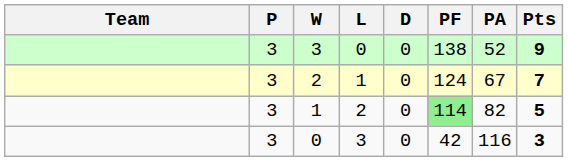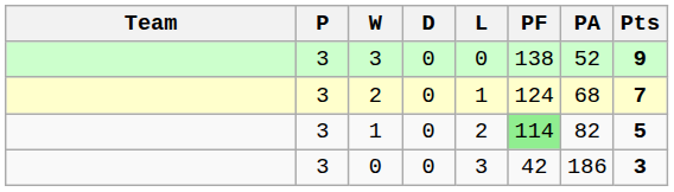 <table class="wikitable" style="text-align:center">
 <tr>
 <th width=165>Team</th>
 <th width=25>P</th>
 <th width=25>W</th>
+<th width=25>D</th>
 <th width=25>L</th>
-<th width=25>D</th>
 <th width=25>PF</th>
 <th width=25>PA</th>
 <th width=25>Pts</th>
 </tr>
 <tr style="background:#cfc">
 <td align=left></td>
 <td>3</td>
 <td>3</td>
 <td>0</td>
 <td>0</td>
 <td>138</td>
 <td>52</td>
 <td><strong>9</strong></td>
 </tr>
 <tr style="background:#ffc">
 <td align=left></td>
 <td>3</td>
 <td>2</td>
+<td>0</td>
 <td>1</td>
-<td>0</td>
 <td>124</td>
-<td>67</td>
+<td>68</td>
 <td><strong>7</strong></td>
 </tr>
 <tr>
 <td align=left></td>
 <td>3</td>
 <td>1</td>
+<td>0</td>
 <td>2</td>
-<td>0</td>
 <td style="background: lightgreen;">114</td>
 <td>82</td>
 <td><strong>5</strong></td>
 </tr>
 <tr>
 <td align=left></td>
 <td>3</td>
 <td>0</td>
+<td>0</td>
 <td>3</td>
-<td>0</td>
 <td>42</td>
-<td>116</td>
+<td>186</td>
 <td><strong>3</strong></td>
 </tr>
 </table>
